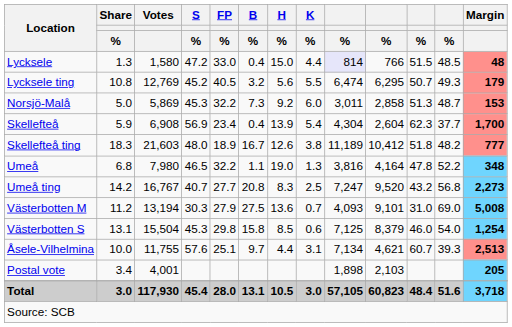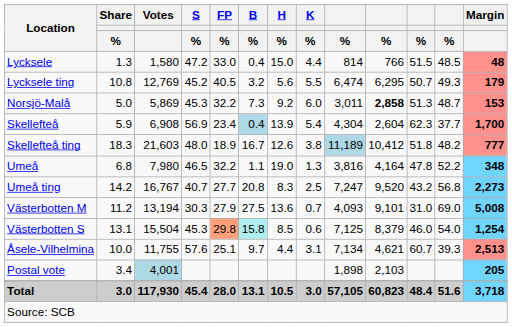 <table class="wikitable sortable" style="text-align:right; font-size:95%; line-height:20px;">
 <tr>
 <th rowspan="3">Location</th>
 <th>Share</th>
 <th>Votes</th>
 <th width="30px" class="unsortable"><a href='#'>S</a></th>
 <th width="30px" class="unsortable"><a href='#'>FP</a></th>
 <th width="30px" class="unsortable"><a href='#'>B</a></th>
 <th width="30px" class="unsortable"><a href='#'>H</a></th>
 <th width="30px" class="unsortable"><a href='#'>K</a></th>
 <th></th>
 <th></th>
 <th></th>
 <th></th>
 <th>Margin</th>
 </tr>
 <tr>
 <th></th>
 <th></th>
 <th style="background:"></th>
 <th style="background:"></th>
 <th style="background:"></th>
 <th style="background:"></th>
 <th style="background:"></th>
 <th style="background:"></th>
 <th style="background:"></th>
 <th style="background:"></th>
 <th style="background:"></th>
 <th></th>
 </tr>
 <tr>
 <th data-sort-type="number">%</th>
 <th></th>
 <th data-sort-type="number">%</th>
 <th data-sort-type="number">%</th>
 <th data-sort-type="number">%</th>
 <th data-sort-type="number">%</th>
 <th data-sort-type="number">%</th>
 <th data-sort-type="number">%</th>
 <th data-sort-type="number">%</th>
 <th data-sort-type="number">%</th>
 <th data-sort-type="number">%</th>
 <th data-sort-type="number"></th>
 </tr>
 <tr>
 <td align=left><a href='#'>Lycksele</a></td>
 <td>1.3</td>
 <td>1,580</td>
 <td>47.2</td>
 <td>33.0</td>
 <td>0.4</td>
 <td>15.0</td>
 <td>4.4</td>
-<td style="background: lavender;">814</td>
+<td>814</td>
 <td>766</td>
 <td>51.5</td>
 <td>48.5</td>
 <td bgcolor=#ff908c><strong>48</strong></td>
 </tr>
 <tr>
 <td align=left><a href='#'>Lycksele ting</a></td>
 <td>10.8</td>
 <td>12,769</td>
 <td>45.2</td>
 <td>40.5</td>
 <td>3.2</td>
 <td>5.6</td>
 <td>5.5</td>
 <td>6,474</td>
 <td>6,295</td>
 <td>50.7</td>
 <td>49.3</td>
 <td bgcolor=#ff908c><strong>179</strong></td>
 </tr>
 <tr>
 <td align=left><a href='#'>Norsjö-Malå</a></td>
 <td>5.0</td>
 <td>5,869</td>
 <td>45.3</td>
 <td>32.2</td>
 <td>7.3</td>
 <td>9.2</td>
 <td>6.0</td>
 <td>3,011</td>
-<td>2,858</td>
+<td><strong>2,858</strong></td>
 <td>51.3</td>
 <td>48.7</td>
 <td bgcolor=#ff908c><strong>153</strong></td>
 </tr>
 <tr>
 <td align=left><a href='#'>Skellefteå</a></td>
 <td>5.9</td>
 <td>6,908</td>
 <td>56.9</td>
 <td>23.4</td>
-<td>0.4</td>
+<td style="background: lightblue;">0.4</td>
 <td>13.9</td>
 <td>5.4</td>
 <td>4,304</td>
 <td>2,604</td>
 <td>62.3</td>
 <td>37.7</td>
 <td bgcolor=#ff908c><strong>1,700</strong></td>
 </tr>
 <tr>
 <td align=left><a href='#'>Skellefteå ting</a></td>
 <td>18.3</td>
 <td>21,603</td>
 <td>48.0</td>
 <td>18.9</td>
 <td>16.7</td>
 <td>12.6</td>
 <td>3.8</td>
-<td>11,189</td>
+<td style="background: lightblue;">11,189</td>
 <td>10,412</td>
 <td>51.8</td>
 <td>48.2</td>
 <td bgcolor=#ff908c><strong>777</strong></td>
 </tr>
 <tr>
 <td align=left><a href='#'>Umeå</a></td>
 <td>6.8</td>
 <td>7,980</td>
 <td>46.5</td>
 <td>32.2</td>
 <td>1.1</td>
 <td>19.0</td>
 <td>1.3</td>
 <td>3,816</td>
 <td>4,164</td>
 <td>47.8</td>
 <td>52.2</td>
 <td bgcolor=#6fd5fe><strong>348</strong></td>
 </tr>
 <tr>
 <td align=left><a href='#'>Umeå ting</a></td>
 <td>14.2</td>
 <td>16,767</td>
 <td>40.7</td>
 <td>27.7</td>
 <td>20.8</td>
 <td>8.3</td>
 <td>2.5</td>
 <td>7,247</td>
 <td>9,520</td>
 <td>43.2</td>
 <td>56.8</td>
 <td bgcolor=#6fd5fe><strong>2,273</strong></td>
 </tr>
 <tr>
 <td align=left><a href='#'>Västerbotten M</a></td>
 <td>11.2</td>
 <td>13,194</td>
 <td>30.3</td>
 <td>27.9</td>
 <td>27.5</td>
 <td>13.6</td>
 <td>0.7</td>
 <td>4,093</td>
 <td>9,101</td>
 <td>31.0</td>
 <td>69.0</td>
 <td bgcolor=#6fd5fe><strong>5,008</strong></td>
 </tr>
 <tr>
 <td align=left><a href='#'>Västerbotten S</a></td>
 <td>13.1</td>
 <td>15,504</td>
 <td>45.3</td>
-<td>29.8</td>
-<td>15.8</td>
+<td style="background: lightsalmon;">29.8</td>
+<td style="background: paleturquoise;">15.8</td>
 <td>8.5</td>
 <td>0.6</td>
 <td>7,125</td>
 <td>8,379</td>
 <td>46.0</td>
 <td>54.0</td>
 <td bgcolor=#6fd5fe><strong>1,254</strong></td>
 </tr>
 <tr>
 <td align=left><a href='#'>Åsele-Vilhelmina</a></td>
 <td>10.0</td>
 <td>11,755</td>
 <td>57.6</td>
 <td>25.1</td>
 <td>9.7</td>
 <td>4.4</td>
 <td>3.1</td>
 <td>7,134</td>
 <td>4,621</td>
 <td>60.7</td>
 <td>39.3</td>
 <td bgcolor=#ff908c><strong>2,513</strong></td>
 </tr>
 <tr>
 <td align=left><a href='#'>Postal vote</a></td>
 <td>3.4</td>
-<td>4,001</td>
+<td style="background: lightblue;">4,001</td>
 <td></td>
 <td></td>
 <td></td>
 <td></td>
 <td></td>
 <td>1,898</td>
 <td>2,103</td>
 <td></td>
 <td></td>
 <td bgcolor=#6fd5fe><strong>205</strong></td>
 </tr>
 <tr>
 </tr>
 <tr style="background:#CDCDCD;">
 <td align=left><strong>Total</strong></td>
 <td><strong>3.0</strong></td>
 <td><strong>117,930</strong></td>
 <td><strong>45.4</strong></td>
 <td><strong>28.0</strong></td>
 <td><strong>13.1</strong></td>
 <td><strong>10.5</strong></td>
 <td><strong>3.0</strong></td>
 <td><strong>57,105</strong></td>
 <td><strong>60,823</strong></td>
 <td><strong>48.4</strong></td>
 <td><strong>51.6</strong></td>
 <td bgcolor=#6fd5fe><strong>3,718</strong></td>
 </tr>
 <tr>
 <td align=left colspan=13>Source: SCB </td>
 </tr>
 </table>
